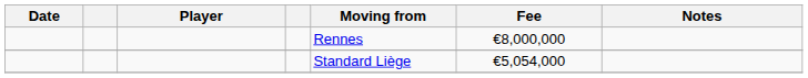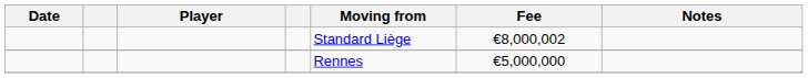 <table class="wikitable sortable">
 <tr>
 <th style="width:80px;">Date</th>
 <th style="width:30px;"></th>
 <th style="width:180px;">Player</th>
 <th style="width:20px;"></th>
 <th style="width:155px;">Moving from</th>
 <th style="width:155px;" class="unsortable">Fee</th>
 <th style="width:215px;" class="unsortable">Notes</th>
 </tr>
 <tr>
 <td></td>
 <td align=center></td>
 <td> </td>
 <td></td>
-<td> <a href='#'>Rennes</a></td>
-<td align=center>€8,000,000</td>
+<td> <a href='#'>Standard Liège</a></td>
+<td align=center>€8,000,002</td>
 <td align=center></td>
 </tr>
 <tr>
 </tr>
 <tr>
 <td></td>
 <td align=center></td>
 <td> </td>
 <td></td>
-<td> <a href='#'>Standard Liège</a></td>
-<td align=center>€5,054,000</td>
+<td> <a href='#'>Rennes</a></td>
+<td align=center>€5,000,000</td>
 <td align=center></td>
 </tr>
 <tr>
 </tr>
 </table>
